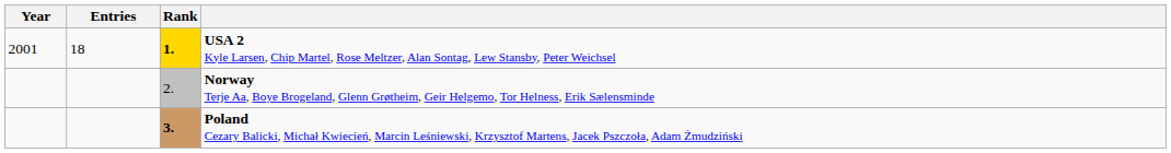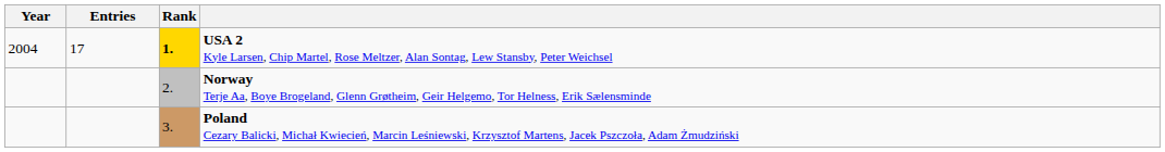 <table class="wikitable" style="width:100%;">
 <tr>
 <th>Year</th>
 <th>Entries</th>
 <th>Rank</th>
 <th></th>
 </tr>
 <tr>
-<td width=60>2001</td>
-<td>18</td>
+<td width=60>2004</td>
+<td>17</td>
 <td style="background:gold; width:30px;"><strong>1.</strong></td>
 <td> <strong>USA 2</strong> <br><small><a href='#'>Kyle Larsen</a>, <a href='#'>Chip Martel</a>, <a href='#'>Rose Meltzer</a>, <a href='#'>Alan Sontag</a>, <a href='#'>Lew Stansby</a>, <a href='#'>Peter Weichsel</a></small></td>
 </tr>
 <tr>
 <td></td>
 <td></td>
 <td style="background:silver;">2.</td>
 <td> <strong>Norway</strong><br><small><a href='#'>Terje Aa</a>, <a href='#'>Boye Brogeland</a>, <a href='#'>Glenn Grøtheim</a>, <a href='#'>Geir Helgemo</a>, <a href='#'>Tor Helness</a>, <a href='#'>Erik Sælensminde</a></small></td>
 </tr>
 <tr>
 <td></td>
 <td></td>
-<td style="background:#c96;"><strong>3.</strong></td>
+<td style="background:#c96;">3.</td>
 <td> <strong>Poland</strong><br><small><a href='#'>Cezary Balicki</a>, <a href='#'>Michał Kwiecień</a>, <a href='#'>Marcin Leśniewski</a>, <a href='#'>Krzysztof Martens</a>, <a href='#'>Jacek Pszczoła</a>, <a href='#'>Adam Żmudziński</a></small></td>
 </tr>
 </table>
